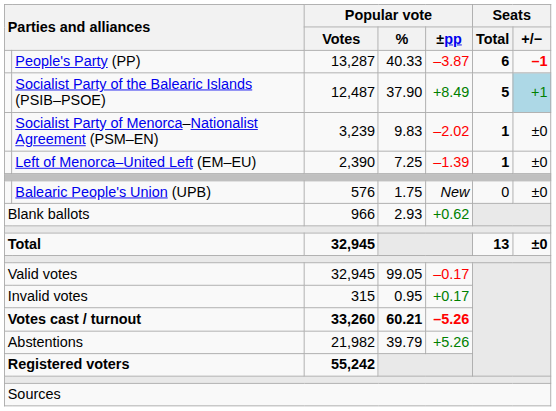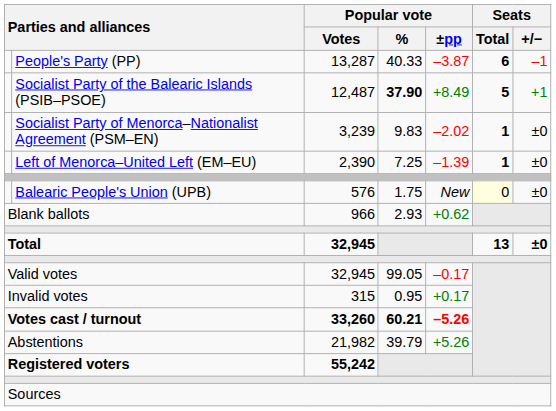 <table class="wikitable" style="text-align:right;">
 <tr>
 <th style="text-align:left;" rowspan="2" colspan="2" width="525">Parties and alliances</th>
 <th colspan="3">Popular vote</th>
 <th colspan="2">Seats</th>
 </tr>
 <tr>
 <th width="75">Votes</th>
 <th width="45">%</th>
 <th width="45">±<a href='#'>pp</a></th>
 <th width="35">Total</th>
 <th width="35">+/−</th>
 </tr>
 <tr>
 <td width="1" style="color:inherit;background:"></td>
 <td align="left"><a href='#'>People's Party</a> (PP)</td>
 <td>13,287</td>
 <td>40.33</td>
 <td style="color:red;">–3.87</td>
 <td><strong>6</strong></td>
-<td style="color:red;"><strong>–1</strong></td>
+<td style="color:red;">–1</td>
 </tr>
 <tr>
 <td style="color:inherit;background:"></td>
 <td align="left"><a href='#'>Socialist Party of the Balearic Islands</a> (PSIB–PSOE)</td>
 <td>12,487</td>
-<td>37.90</td>
+<td><strong>37.90</strong></td>
 <td style="color:green;">+8.49</td>
 <td><strong>5</strong></td>
-<td style="background: lightblue; color:green;">+1</td>
+<td style="color:green;">+1</td>
 </tr>
 <tr>
 <td style="color:inherit;background:"></td>
 <td align="left"><a href='#'>Socialist Party of Menorca</a>–<a href='#'>Nationalist Agreement</a> (PSM–EN)</td>
 <td>3,239</td>
 <td>9.83</td>
 <td style="color:red;">–2.02</td>
 <td><strong>1</strong></td>
 <td>±0</td>
 </tr>
 <tr>
 <td style="color:inherit;background:"></td>
 <td align="left"><a href='#'>Left of Menorca–United Left</a> (EM–EU)</td>
 <td>2,390</td>
 <td>7.25</td>
 <td style="color:red;">–1.39</td>
 <td><strong>1</strong></td>
 <td>±0</td>
 </tr>
 <tr>
 <td colspan="7" bgcolor="#C0C0C0"></td>
 </tr>
 <tr>
 <td style="color:inherit;background:"></td>
 <td align="left"><a href='#'>Balearic People's Union</a> (UPB)</td>
 <td>576</td>
 <td>1.75</td>
 <td><em>New</em></td>
-<td>0</td>
+<td style="background: lightyellow;">0</td>
 <td>±0</td>
 </tr>
 <tr>
 <td align="left" colspan="2">Blank ballots</td>
 <td>966</td>
 <td>2.93</td>
 <td style="color:green;">+0.62</td>
 <td bgcolor="#E9E9E9" colspan="2"></td>
 </tr>
 <tr>
 <td colspan="7" bgcolor="#E9E9E9"></td>
 </tr>
 <tr style="font-weight:bold;">
 <td align="left" colspan="2">Total</td>
 <td>32,945</td>
 <td bgcolor="#E9E9E9" colspan="2"></td>
 <td>13</td>
 <td>±0</td>
 </tr>
 <tr>
 <td colspan="7" bgcolor="#E9E9E9"></td>
 </tr>
 <tr>
 <td align="left" colspan="2">Valid votes</td>
 <td>32,945</td>
 <td>99.05</td>
 <td style="color:red;">–0.17</td>
 <td bgcolor="#E9E9E9" colspan="2" rowspan="5"></td>
 </tr>
 <tr>
 <td align="left" colspan="2">Invalid votes</td>
 <td>315</td>
 <td>0.95</td>
 <td style="color:green;">+0.17</td>
 </tr>
 <tr style="font-weight:bold;">
 <td align="left" colspan="2">Votes cast / turnout</td>
 <td>33,260</td>
 <td>60.21</td>
 <td style="color:red;">–5.26</td>
 </tr>
 <tr>
 <td align="left" colspan="2">Abstentions</td>
 <td>21,982</td>
 <td>39.79</td>
 <td style="color:green;">+5.26</td>
 </tr>
 <tr style="font-weight:bold;">
 <td align="left" colspan="2">Registered voters</td>
 <td>55,242</td>
 <td bgcolor="#E9E9E9" colspan="2"></td>
 </tr>
 <tr>
 <td colspan="7" bgcolor="#E9E9E9"></td>
 </tr>
 <tr>
 <td align="left" colspan="7">Sources</td>
 </tr>
 </table>
